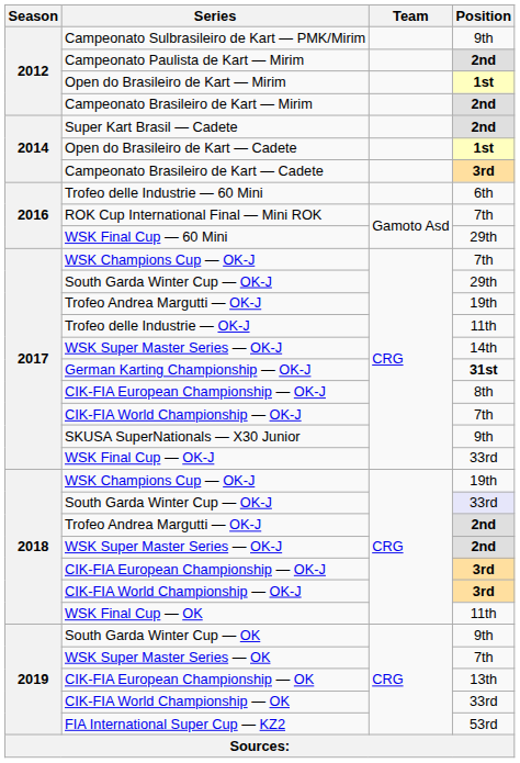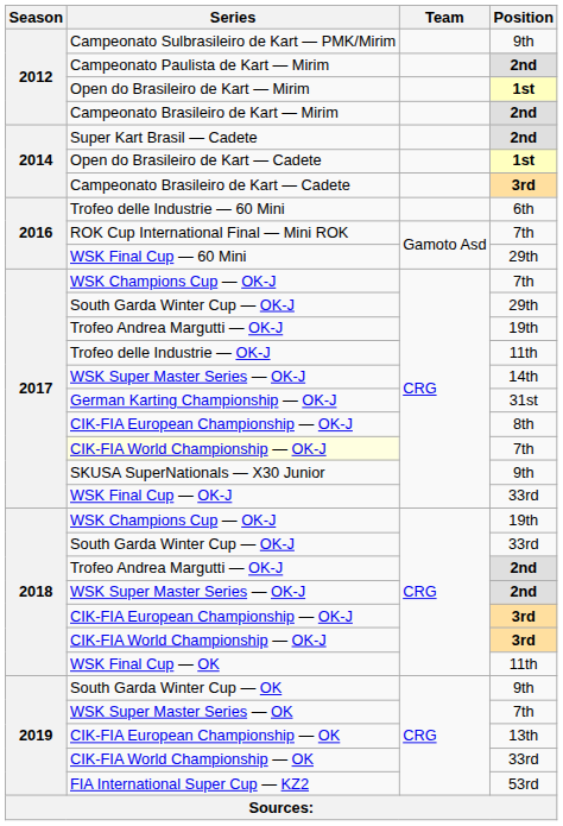 <table class="wikitable" style="font-size: 85%; text-align:center">
 <tr>
 <th>Season</th>
 <th>Series</th>
 <th>Team</th>
 <th>Position</th>
 </tr>
 <tr>
 <th rowspan="4">2012</th>
 <td align="left">Campeonato Sulbrasileiro de Kart — PMK/Mirim</td>
 <td align="left"></td>
 <td>9th</td>
 </tr>
 <tr>
 <td align="left">Campeonato Paulista de Kart — Mirim</td>
 <td align="left"></td>
 <td style="background:#DFDFDF;"><strong>2nd</strong></td>
 </tr>
 <tr>
 <td align="left">Open do Brasileiro de Kart — Mirim</td>
 <td align="left"></td>
 <td style="background:#FFFFBF;"><strong>1st</strong></td>
 </tr>
 <tr>
 <td align="left">Campeonato Brasileiro de Kart — Mirim</td>
 <td align="left"></td>
 <td style="background:#DFDFDF;"><strong>2nd</strong></td>
 </tr>
 <tr>
 <th rowspan="3">2014</th>
 <td align="left">Super Kart Brasil — Cadete</td>
 <td align="left"></td>
 <td style="background:#DFDFDF;"><strong>2nd</strong></td>
 </tr>
 <tr>
 <td align="left">Open do Brasileiro de Kart — Cadete</td>
 <td align="left"></td>
 <td style="background:#FFFFBF;"><strong>1st</strong></td>
 </tr>
 <tr>
 <td align="left">Campeonato Brasileiro de Kart — Cadete</td>
 <td align="left"></td>
 <td style="background:#FFDF9F;"><strong>3rd</strong></td>
 </tr>
 <tr>
 <th rowspan="3">2016</th>
 <td align="left">Trofeo delle Industrie — 60 Mini</td>
 <td></td>
 <td>6th</td>
 </tr>
 <tr>
 <td align="left">ROK Cup International Final — Mini ROK</td>
 <td rowspan="2" align="left">Gamoto Asd</td>
 <td>7th</td>
 </tr>
 <tr>
 <td align="left"><a href='#'>WSK Final Cup</a> — 60 Mini</td>
 <td>29th</td>
 </tr>
 <tr>
 <th rowspan="10">2017</th>
 <td align="left"><a href='#'>WSK Champions Cup</a> — <a href='#'>OK-J</a></td>
 <td rowspan="10"  align="left"><a href='#'>CRG</a></td>
 <td>7th</td>
 </tr>
 <tr>
 <td align="left">South Garda Winter Cup — <a href='#'>OK-J</a></td>
 <td>29th</td>
 </tr>
 <tr>
 <td align="left">Trofeo Andrea Margutti — <a href='#'>OK-J</a></td>
 <td>19th</td>
 </tr>
 <tr>
 <td align="left">Trofeo delle Industrie — <a href='#'>OK-J</a></td>
 <td>11th</td>
 </tr>
 <tr>
 <td align="left"><a href='#'>WSK Super Master Series</a> — <a href='#'>OK-J</a></td>
 <td>14th</td>
 </tr>
 <tr>
 <td align="left"><a href='#'>German Karting Championship</a> — <a href='#'>OK-J</a></td>
-<td><strong>31st</strong></td>
+<td>31st</td>
 </tr>
 <tr>
 <td align="left"><a href='#'>CIK-FIA European Championship</a> — <a href='#'>OK-J</a></td>
 <td>8th</td>
 </tr>
 <tr>
-<td align="left"><a href='#'>CIK-FIA World Championship</a> — <a href='#'>OK-J</a></td>
+<td align="left" style="background: lightyellow;"><a href='#'>CIK-FIA World Championship</a> — <a href='#'>OK-J</a></td>
 <td>7th</td>
 </tr>
 <tr>
 <td align="left">SKUSA SuperNationals — X30 Junior</td>
 <td>9th</td>
 </tr>
 <tr>
 <td align="left"><a href='#'>WSK Final Cup</a> — <a href='#'>OK-J</a></td>
 <td>33rd</td>
 </tr>
 <tr>
 <th rowspan="7">2018</th>
 <td align="left"><a href='#'>WSK Champions Cup</a> — <a href='#'>OK-J</a></td>
 <td rowspan="7"  align="left"><a href='#'>CRG</a></td>
 <td>19th</td>
 </tr>
 <tr>
 <td align="left">South Garda Winter Cup — <a href='#'>OK-J</a></td>
-<td style="background: lavender;">33rd</td>
+<td>33rd</td>
 </tr>
 <tr>
 <td align="left">Trofeo Andrea Margutti — <a href='#'>OK-J</a></td>
 <td style="background:#DFDFDF;"><strong>2nd</strong></td>
 </tr>
 <tr>
 <td align="left"><a href='#'>WSK Super Master Series</a> — <a href='#'>OK-J</a></td>
 <td style="background:#DFDFDF;"><strong>2nd</strong></td>
 </tr>
 <tr>
 <td align="left"><a href='#'>CIK-FIA European Championship</a> — <a href='#'>OK-J</a></td>
 <td style="background:#FFDF9F;"><strong>3rd</strong></td>
 </tr>
 <tr>
 <td align="left"><a href='#'>CIK-FIA World Championship</a> — <a href='#'>OK-J</a></td>
 <td style="background:#FFDF9F;"><strong>3rd</strong></td>
 </tr>
 <tr>
 <td align="left"><a href='#'>WSK Final Cup</a> — <a href='#'>OK</a></td>
 <td>11th</td>
 </tr>
 <tr>
 <th rowspan="5">2019</th>
 <td align="left">South Garda Winter Cup — <a href='#'>OK</a></td>
 <td rowspan="5"  align="left"><a href='#'>CRG</a></td>
 <td>9th</td>
 </tr>
 <tr>
 <td align="left"><a href='#'>WSK Super Master Series</a> — <a href='#'>OK</a></td>
 <td>7th</td>
 </tr>
 <tr>
 <td align="left"><a href='#'>CIK-FIA European Championship</a> — <a href='#'>OK</a></td>
 <td>13th</td>
 </tr>
 <tr>
 <td align="left"><a href='#'>CIK-FIA World Championship</a> — <a href='#'>OK</a></td>
 <td>33rd</td>
 </tr>
 <tr>
 <td align="left"><a href='#'>FIA International Super Cup</a> — <a href='#'>KZ2</a></td>
 <td>53rd</td>
 </tr>
 <tr>
 <th colspan="4">Sources:</th>
 </tr>
 </table>
